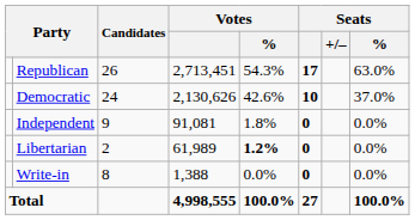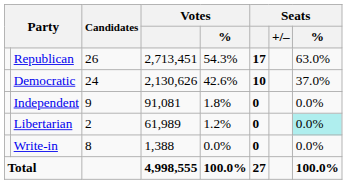 <table class="wikitable" style="font-size: 95%;">
 <tr>
 <th colspan="2" rowspan="2">Party</th>
 <th rowspan="2"><small>Candi</small><small>dates</small></th>
 <th colspan="2">Votes</th>
 <th colspan="3">Seats</th>
 </tr>
 <tr>
 <th></th>
 <th>%</th>
 <th></th>
 <th>+/–</th>
 <th>%</th>
 </tr>
 <tr>
 <td style="background:"></td>
 <td align=left><a href='#'>Republican</a></td>
 <td>26</td>
 <td>2,713,451</td>
 <td>54.3%</td>
 <td><strong>17</strong></td>
 <td></td>
 <td>63.0%</td>
 </tr>
 <tr>
 <td style="background:"></td>
 <td align=left><a href='#'>Democratic</a></td>
 <td>24</td>
 <td>2,130,626</td>
 <td>42.6%</td>
 <td><strong>10</strong></td>
 <td></td>
 <td>37.0%</td>
 </tr>
 <tr>
 <td style="background:"></td>
 <td align=left><a href='#'>Independent</a></td>
 <td>9</td>
 <td>91,081</td>
 <td>1.8%</td>
 <td><strong>0</strong></td>
 <td></td>
 <td>0.0%</td>
 </tr>
 <tr>
 <td style="background:"></td>
 <td align=left><a href='#'>Libertarian</a></td>
 <td>2</td>
 <td>61,989</td>
-<td><strong>1.2%</strong></td>
+<td>1.2%</td>
 <td><strong>0</strong></td>
 <td></td>
-<td>0.0%</td>
+<td style="background: paleturquoise;">0.0%</td>
 </tr>
 <tr>
 <td style="background:"></td>
 <td align=left><a href='#'>Write-in</a></td>
 <td>8</td>
 <td>1,388</td>
 <td>0.0%</td>
 <td><strong>0</strong></td>
 <td></td>
 <td>0.0%</td>
 </tr>
 <tr style="font-weight:bold">
 <td colspan=2 align=left>Total</td>
 <td></td>
 <td>4,998,555</td>
 <td>100.0%</td>
 <td>27</td>
 <td></td>
 <td>100.0%</td>
 </tr>
 </table>
